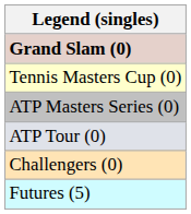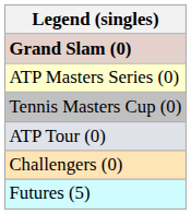 <table class="wikitable">
 <tr>
 <th>Legend (singles)</th>
 </tr>
 <tr bgcolor="#e5d1cb">
 <td><strong>Grand Slam (0)</strong></td>
 </tr>
 <tr bgcolor="ffffcc">
-<td>Tennis Masters Cup (0)</td>
+<td>ATP Masters Series (0)</td>
 </tr>
 <tr bgcolor="silver">
-<td>ATP Masters Series (0)</td>
+<td>Tennis Masters Cup (0)</td>
 </tr>
 <tr bgcolor="#dfe2e9">
 <td>ATP Tour (0)</td>
 </tr>
 <tr bgcolor="moccasin">
 <td>Challengers (0)</td>
 </tr>
 <tr bgcolor="CFFCFF">
 <td>Futures (5)</td>
 </tr>
 </table>
